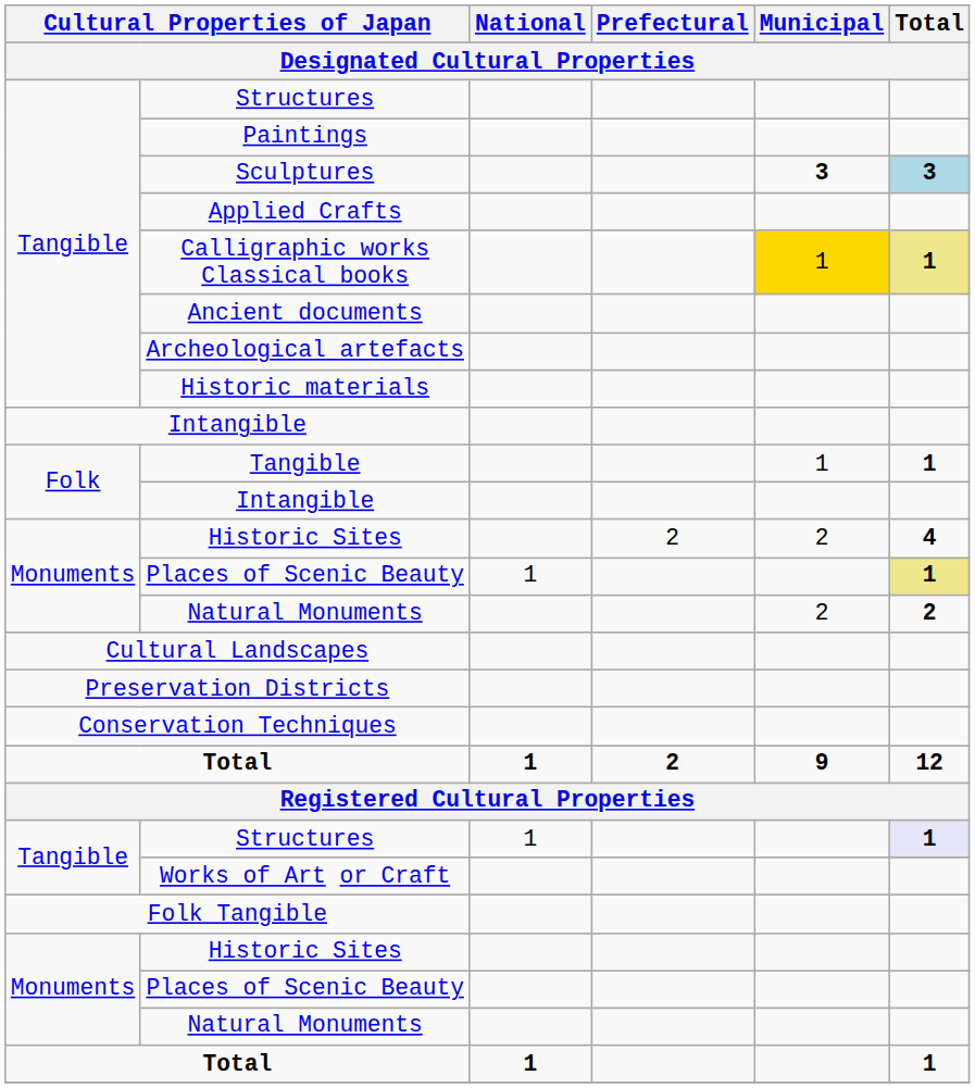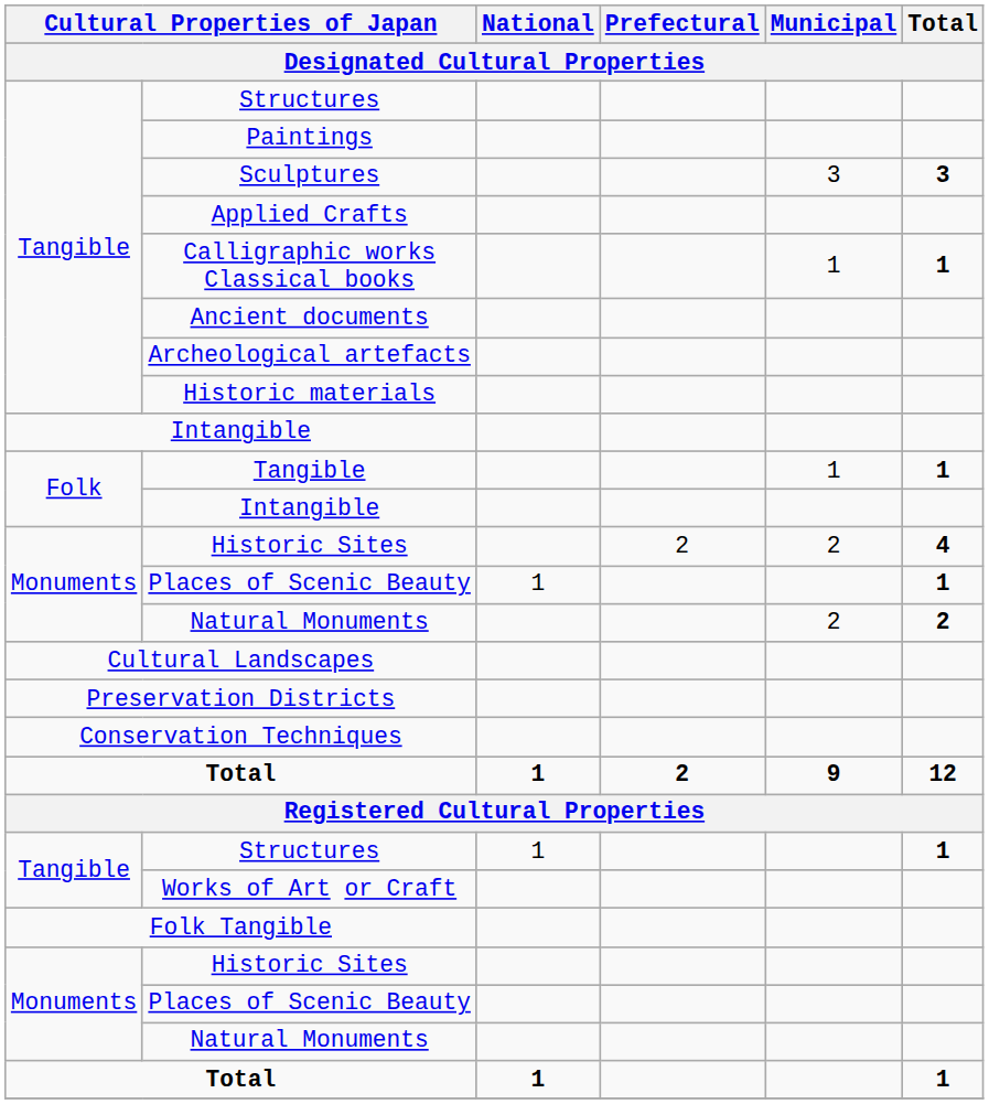 <table class="wikitable">
 <tr>
 <th colspan="2" style="text-align: center;"><a href='#'>Cultural Properties of Japan</a></th>
 <th><a href='#'>National</a></th>
 <th><a href='#'>Prefectural</a></th>
 <th><a href='#'>Municipal</a></th>
 <th><strong>Total</strong></th>
 </tr>
 <tr align="center">
 <th colspan="6" style="text-align: center;"><a href='#'>Designated Cultural Properties</a></th>
 </tr>
 <tr align="center">
 <td rowspan="8"><a href='#'>Tangible</a></td>
 <td><a href='#'>Structures</a></td>
 <td></td>
 <td></td>
 <td></td>
 <td></td>
 </tr>
 <tr align="center">
 <td><a href='#'>Paintings</a></td>
 <td><small></small></td>
 <td></td>
 <td></td>
 <td></td>
 </tr>
 <tr align="center">
 <td><a href='#'>Sculptures</a></td>
 <td></td>
 <td></td>
+<td>3</td>
 <td><strong>3</strong></td>
-<td style="background: lightblue;"><strong>3</strong></td>
 </tr>
 <tr align="center">
 <td><a href='#'>Applied Crafts</a></td>
 <td></td>
 <td></td>
 <td></td>
 <td></td>
 </tr>
 <tr align="center">
 <td><a href='#'>Calligraphic works</a><br><a href='#'>Classical books</a></td>
 <td></td>
 <td></td>
-<td style="background: gold;">1</td>
-<td style="background: khaki;"><strong>1</strong></td>
+<td>1</td>
+<td><strong>1</strong></td>
 </tr>
 <tr align="center">
 <td><a href='#'>Ancient documents</a></td>
 <td></td>
 <td></td>
 <td></td>
 <td></td>
 </tr>
 <tr align="center">
 <td><a href='#'>Archeological artefacts</a></td>
 <td></td>
 <td></td>
 <td></td>
 <td></td>
 </tr>
 <tr align="center">
 <td><a href='#'>Historic materials</a></td>
 <td></td>
 <td></td>
 <td></td>
 <td></td>
 </tr>
 <tr align="center">
 <td colspan="2" style="text-align: center;"><a href='#'>Intangible</a></td>
 <td></td>
 <td></td>
 <td></td>
 <td></td>
 </tr>
 <tr align="center">
 <td rowspan="2"><a href='#'>Folk</a></td>
 <td><a href='#'>Tangible</a></td>
 <td></td>
 <td></td>
 <td>1</td>
 <td><strong>1</strong></td>
 </tr>
 <tr align="center">
 <td><a href='#'>Intangible</a></td>
 <td></td>
 <td></td>
 <td></td>
 <td></td>
 </tr>
 <tr align="center">
 <td rowspan="3"><a href='#'>Monuments</a></td>
 <td><a href='#'>Historic Sites</a></td>
 <td></td>
 <td>2</td>
 <td>2</td>
 <td><strong>4</strong></td>
 </tr>
 <tr align="center">
 <td><a href='#'>Places of Scenic Beauty</a></td>
 <td>1</td>
 <td></td>
 <td></td>
-<td style="background: khaki;"><strong>1</strong></td>
+<td><strong>1</strong></td>
 </tr>
 <tr align="center">
 <td><a href='#'>Natural Monuments</a></td>
 <td></td>
 <td></td>
 <td>2</td>
 <td><strong>2</strong></td>
 </tr>
 <tr align="center">
 <td colspan="2" style="text-align: center;"><a href='#'>Cultural Landscapes</a></td>
 <td></td>
 <td></td>
 <td></td>
 <td></td>
 </tr>
 <tr align="center">
 <td colspan="2" style="text-align: center;"><a href='#'>Preservation Districts</a></td>
 <td></td>
 <td></td>
 <td></td>
 <td></td>
 </tr>
 <tr align="center">
 <td colspan="2" style="text-align: center;"><a href='#'>Conservation Techniques</a></td>
 <td></td>
 <td></td>
 <td></td>
 <td></td>
 </tr>
 <tr align="center">
 <td colspan="2" style="text-align: center;"><strong>Total</strong></td>
 <td><strong>1</strong></td>
 <td><strong>2</strong></td>
 <td><strong>9</strong></td>
 <td><strong>12</strong></td>
 </tr>
 <tr align="center">
 <th colspan="6" style="text-align: center;"><a href='#'>Registered Cultural Properties</a></th>
 </tr>
 <tr align="center">
 <td rowspan="2"><a href='#'>Tangible</a></td>
 <td><a href='#'>Structures</a></td>
 <td>1</td>
 <td></td>
 <td></td>
-<td style="background: lavender;"><strong>1</strong></td>
+<td><strong>1</strong></td>
 </tr>
 <tr align="center">
 <td><a href='#'>Works of Art</a> <a href='#'>or Craft</a></td>
 <td></td>
 <td></td>
 <td></td>
 <td></td>
 </tr>
 <tr align="center">
 <td colspan="2" style="text-align: center;"><a href='#'>Folk Tangible</a></td>
 <td></td>
 <td></td>
 <td></td>
 <td></td>
 </tr>
 <tr align="center">
 <td rowspan="3"><a href='#'>Monuments</a></td>
 <td><a href='#'>Historic Sites</a></td>
 <td></td>
 <td></td>
 <td></td>
 <td></td>
 </tr>
 <tr align="center">
 <td><a href='#'>Places of Scenic Beauty</a></td>
 <td></td>
 <td></td>
 <td></td>
 <td></td>
 </tr>
 <tr align="center">
 <td><a href='#'>Natural Monuments</a></td>
 <td></td>
 <td></td>
 <td></td>
 <td></td>
 </tr>
 <tr align="center">
 <td colspan="2" style="text-align: center;"><strong>Total</strong></td>
 <td><strong>1</strong></td>
 <td></td>
 <td></td>
 <td><strong>1</strong></td>
 </tr>
 <tr>
 </tr>
 </table>
